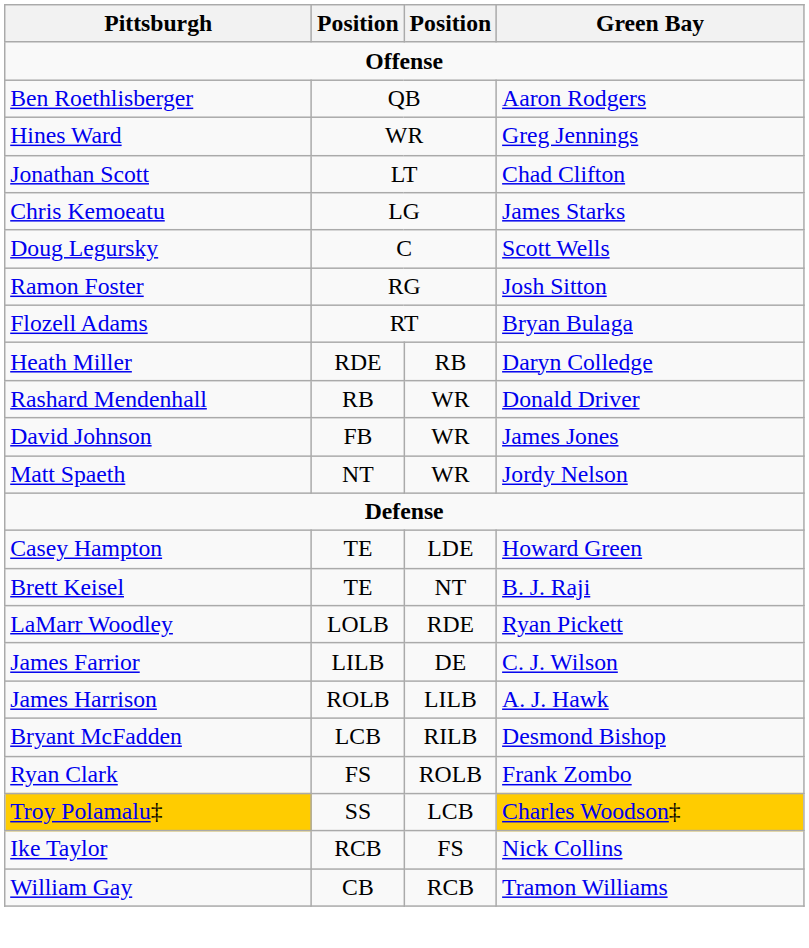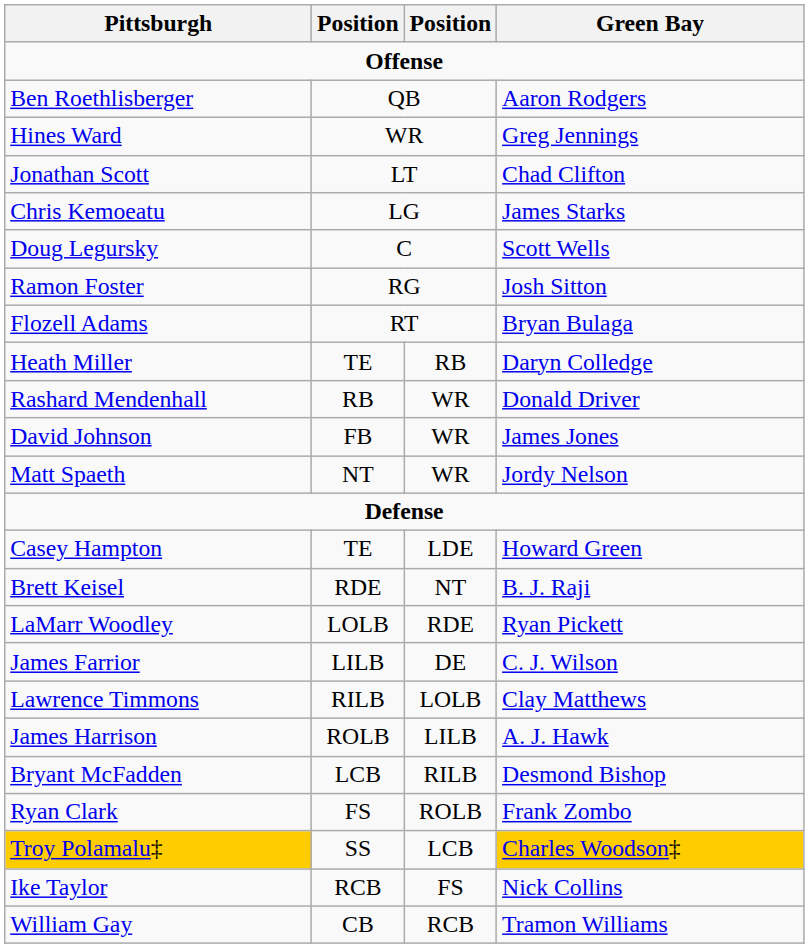 <table class="wikitable">
 <tr>
 <th style="width:200px;">Pittsburgh</th>
 <th>Position</th>
 <th>Position</th>
 <th style="width:200px;">Green Bay</th>
 </tr>
 <tr>
 <td colspan="4" style="text-align:center;"><strong>Offense</strong></td>
 </tr>
 <tr>
 <td><a href='#'>Ben Roethlisberger</a></td>
 <td colspan="2" style="text-align:center;">QB</td>
 <td><a href='#'>Aaron Rodgers</a></td>
 </tr>
 <tr>
 <td><a href='#'>Hines Ward</a></td>
 <td colspan="2" style="text-align:center;">WR</td>
 <td><a href='#'>Greg Jennings</a></td>
 </tr>
 <tr>
 <td><a href='#'>Jonathan Scott</a></td>
 <td colspan="2" style="text-align:center;">LT</td>
 <td><a href='#'>Chad Clifton</a></td>
 </tr>
 <tr>
 <td><a href='#'>Chris Kemoeatu</a></td>
 <td colspan="2" style="text-align:center;">LG</td>
 <td><a href='#'>James Starks</a></td>
 </tr>
 <tr>
 <td><a href='#'>Doug Legursky</a></td>
 <td colspan="2" style="text-align:center;">C</td>
 <td><a href='#'>Scott Wells</a></td>
 </tr>
 <tr>
 <td><a href='#'>Ramon Foster</a></td>
 <td colspan="2" style="text-align:center;">RG</td>
 <td><a href='#'>Josh Sitton</a></td>
 </tr>
 <tr>
 <td><a href='#'>Flozell Adams</a></td>
 <td colspan="2" style="text-align:center;">RT</td>
 <td><a href='#'>Bryan Bulaga</a></td>
 </tr>
 <tr>
 <td><a href='#'>Heath Miller</a></td>
-<td style="text-align:center;">RDE</td>
+<td style="text-align:center;">TE</td>
 <td style="text-align:center;">RB</td>
 <td><a href='#'>Daryn Colledge</a></td>
 </tr>
 <tr>
 <td><a href='#'>Rashard Mendenhall</a></td>
 <td style="text-align:center;">RB</td>
 <td style="text-align:center;">WR</td>
 <td><a href='#'>Donald Driver</a></td>
 </tr>
 <tr>
 <td><a href='#'>David Johnson</a></td>
 <td style="text-align:center;">FB</td>
 <td style="text-align:center;">WR</td>
 <td><a href='#'>James Jones</a></td>
 </tr>
 <tr>
 <td><a href='#'>Matt Spaeth</a></td>
 <td style="text-align:center;">NT</td>
 <td style="text-align:center;">WR</td>
 <td><a href='#'>Jordy Nelson</a></td>
 </tr>
 <tr>
 <td colspan="4" style="text-align:center;"><strong>Defense</strong></td>
 </tr>
 <tr>
 <td><a href='#'>Casey Hampton</a></td>
 <td style="text-align:center;">TE</td>
 <td style="text-align:center;">LDE</td>
 <td><a href='#'>Howard Green</a></td>
 </tr>
 <tr>
 <td><a href='#'>Brett Keisel</a></td>
-<td style="text-align:center;">TE</td>
+<td style="text-align:center;">RDE</td>
 <td style="text-align:center;">NT</td>
 <td><a href='#'>B. J. Raji</a></td>
 </tr>
 <tr>
 <td><a href='#'>LaMarr Woodley</a></td>
 <td style="text-align:center;">LOLB</td>
 <td style="text-align:center;">RDE</td>
 <td><a href='#'>Ryan Pickett</a></td>
 </tr>
 <tr>
 <td><a href='#'>James Farrior</a></td>
 <td style="text-align:center;">LILB</td>
 <td style="text-align:center;">DE</td>
 <td><a href='#'>C. J. Wilson</a></td>
+</tr>
+<tr>
+<td><a href='#'>Lawrence Timmons</a></td>
+<td style="text-align:center;">RILB</td>
+<td style="text-align:center;">LOLB</td>
+<td><a href='#'>Clay Matthews</a></td>
 </tr>
 <tr>
 <td><a href='#'>James Harrison</a></td>
 <td style="text-align:center;">ROLB</td>
 <td style="text-align:center;">LILB</td>
 <td><a href='#'>A. J. Hawk</a></td>
 </tr>
 <tr>
 <td><a href='#'>Bryant McFadden</a></td>
 <td style="text-align:center;">LCB</td>
 <td style="text-align:center;">RILB</td>
 <td><a href='#'>Desmond Bishop</a></td>
 </tr>
 <tr>
 <td><a href='#'>Ryan Clark</a></td>
 <td style="text-align:center;">FS</td>
 <td style="text-align:center;">ROLB</td>
 <td><a href='#'>Frank Zombo</a></td>
 </tr>
 <tr>
 <td bgcolor="#FFCC00"><a href='#'>Troy Polamalu</a>‡</td>
 <td style="text-align:center;">SS</td>
 <td style="text-align:center;">LCB</td>
 <td bgcolor="#FFCC00"><a href='#'>Charles Woodson</a>‡</td>
 </tr>
 <tr>
 <td><a href='#'>Ike Taylor</a></td>
 <td style="text-align:center;">RCB</td>
 <td style="text-align:center;">FS</td>
 <td><a href='#'>Nick Collins</a></td>
 </tr>
 <tr>
 <td><a href='#'>William Gay</a></td>
 <td style="text-align:center;">CB</td>
 <td style="text-align:center;">RCB</td>
 <td><a href='#'>Tramon Williams</a></td>
 </tr>
 </table>
